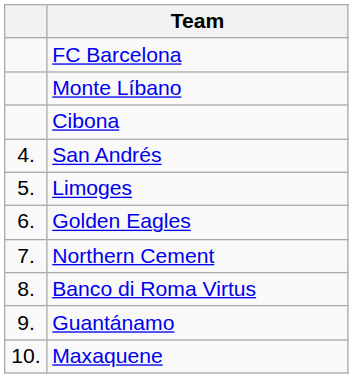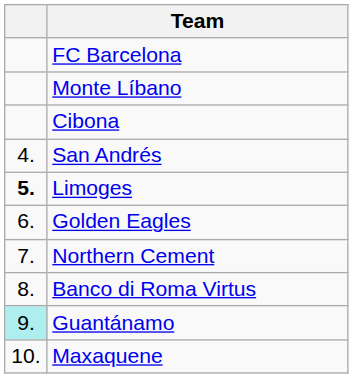 <table class="wikitable" style="text-align:center">
 <tr>
 <th width=25></th>
 <th width=220>Team</th>
 </tr>
 <tr>
 <td></td>
 <td align=left> <a href='#'>FC Barcelona</a></td>
 </tr>
 <tr>
 <td></td>
 <td align=left> <a href='#'>Monte Líbano</a></td>
 </tr>
 <tr>
 <td></td>
 <td align=left> <a href='#'>Cibona</a></td>
 </tr>
 <tr>
 <td>4.</td>
 <td align=left> <a href='#'>San Andrés</a></td>
 </tr>
 <tr>
-<td>5.</td>
+<td><strong>5.</strong></td>
 <td align=left> <a href='#'>Limoges</a></td>
 </tr>
 <tr>
 <td>6.</td>
 <td align=left> <a href='#'>Golden Eagles</a></td>
 </tr>
 <tr>
 <td>7.</td>
 <td align=left> <a href='#'>Northern Cement</a></td>
 </tr>
 <tr>
 <td>8.</td>
 <td align=left> <a href='#'>Banco di Roma Virtus</a></td>
 </tr>
 <tr>
-<td>9.</td>
+<td style="background: paleturquoise;">9.</td>
 <td align=left> <a href='#'>Guantánamo</a></td>
 </tr>
 <tr>
 <td>10.</td>
 <td align=left> <a href='#'>Maxaquene</a></td>
 </tr>
 </table>
